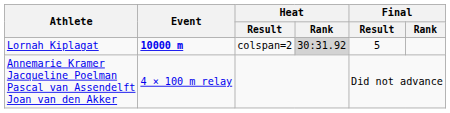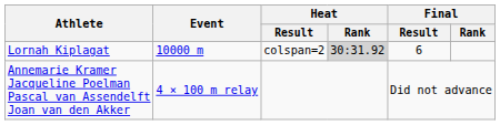 <table class=wikitable style="font-size:90%">
 <tr>
 <th rowspan="2">Athlete</th>
 <th rowspan="2">Event</th>
 <th colspan="2">Heat</th>
 <th colspan="2">Final</th>
 </tr>
 <tr style="font-size:95%">
 <th>Result</th>
 <th>Rank</th>
 <th>Result</th>
 <th>Rank</th>
 </tr>
 <tr align=center>
 <td align=left><a href='#'>Lornah Kiplagat</a></td>
-<td align=left><strong><a href='#'>10000 m</a></strong></td>
+<td align=left><a href='#'>10000 m</a></td>
 <td>colspan=2 </td>
 <td style="background: lightgrey;">30:31.92</td>
-<td>5</td>
+<td>6</td>
 </tr>
 <tr align=center>
 <td align=left><a href='#'>Annemarie Kramer</a><br><a href='#'>Jacqueline Poelman</a><br><a href='#'>Pascal van Assendelft</a><br><a href='#'>Joan van den Akker</a></td>
 <td align=left><a href='#'>4 × 100 m relay</a></td>
 <td colspan=2></td>
 <td colspan=2>Did not advance</td>
 </tr>
 </table>
